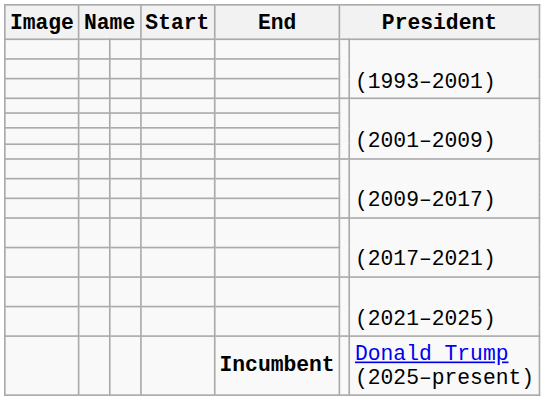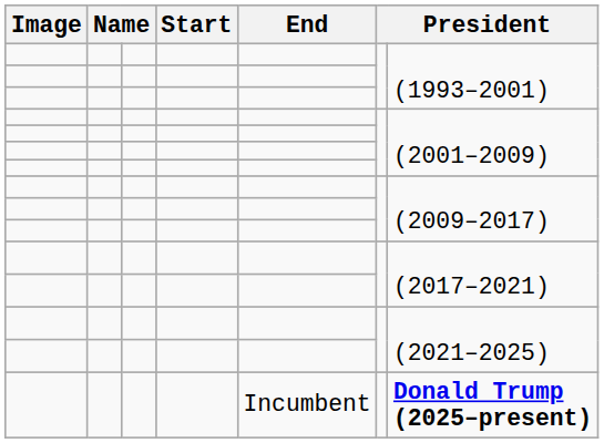 <table class="wikitable sortable">
 <tr>
 <th class=unsortable>Image</th>
 <th colspan=2>Name</th>
 <th>Start</th>
 <th>End</th>
 <th colspan=2>President</th>
 </tr>
 <tr>
 <td></td>
 <td style="background: "></td>
 <td></td>
 <td></td>
 <td></td>
 <td rowspan=3 style="background: "></td>
 <td rowspan=3><br>(1993–2001)</td>
 </tr>
 <tr>
 <td></td>
 <td style="background: "></td>
 <td></td>
 <td></td>
 <td></td>
 </tr>
 <tr>
 <td></td>
 <td style="background: "></td>
 <td></td>
 <td></td>
 <td></td>
 </tr>
 <tr>
 <td></td>
 <td style="background: "></td>
 <td></td>
 <td></td>
 <td></td>
 <td rowspan=4 style="background: "></td>
 <td rowspan=4><br>(2001–2009)</td>
 </tr>
 <tr>
 <td></td>
 <td style="background: "></td>
 <td></td>
 <td></td>
 <td></td>
 </tr>
 <tr>
 <td></td>
 <td style="background: "></td>
 <td></td>
 <td></td>
 <td></td>
 </tr>
 <tr>
 <td></td>
 <td style="background: "></td>
 <td></td>
 <td></td>
 <td></td>
 </tr>
 <tr>
 <td></td>
 <td style="background: "></td>
 <td></td>
 <td></td>
 <td></td>
 <td rowspan=3 style="background: "></td>
 <td rowspan=3><br>(2009–2017)</td>
 </tr>
 <tr>
 <td></td>
 <td style="background: "></td>
 <td></td>
 <td></td>
 <td></td>
 </tr>
 <tr>
 <td></td>
 <td style="background: "></td>
 <td></td>
 <td></td>
 <td></td>
 </tr>
 <tr>
 <td></td>
 <td style="background: "></td>
 <td></td>
 <td></td>
 <td></td>
 <td rowspan=2 style="background: "></td>
 <td rowspan=2><br>(2017–2021)</td>
 </tr>
 <tr>
 <td></td>
 <td style="background: "></td>
 <td></td>
 <td></td>
 <td></td>
 </tr>
 <tr>
 <td></td>
 <td style="background: "></td>
 <td></td>
 <td></td>
 <td></td>
 <td rowspan=2 style="background: "></td>
 <td rowspan=2><br>(2021–2025)</td>
 </tr>
 <tr>
 <td></td>
 <td style="background: "></td>
 <td></td>
 <td></td>
 <td></td>
 </tr>
 <tr>
 <td></td>
 <td style="background: "></td>
 <td></td>
 <td></td>
-<td><strong>Incumbent</strong></td>
+<td>Incumbent</td>
 <td style="background: "></td>
-<td><a href='#'>Donald Trump</a><br>(2025–present)</td>
+<td><strong><a href='#'>Donald Trump</a><br>(2025–present)</strong></td>
 </tr>
 </table>
